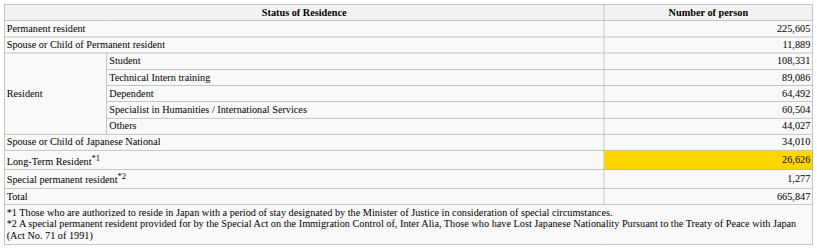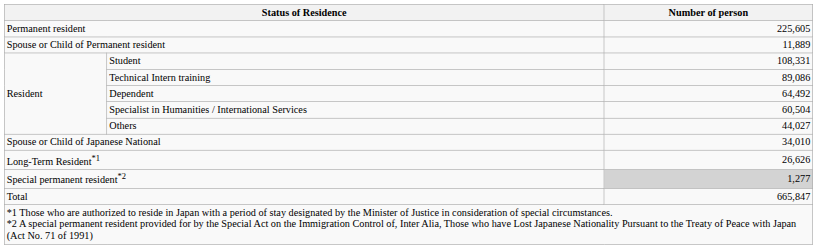 <table class=wikitable style="margin-left:auto; margin-right:auto;">
 <tr>
 <th colspan="2">Status of Residence</th>
 <th>Number of person</th>
 </tr>
 <tr>
 <td colspan="2">Permanent resident</td>
 <td align="right">225,605</td>
 </tr>
 <tr>
 <td colspan="2">Spouse or Child of Permanent resident</td>
 <td align="right">11,889</td>
 </tr>
 <tr>
 <td rowspan="5">Resident</td>
 <td>Student</td>
 <td align="right">108,331</td>
 </tr>
 <tr>
 <td>Technical Intern training</td>
 <td align="right">89,086</td>
 </tr>
 <tr>
 <td>Dependent</td>
 <td align="right">64,492</td>
 </tr>
 <tr>
 <td>Specialist in Humanities / International Services</td>
 <td align="right">60,504</td>
 </tr>
 <tr>
 <td>Others</td>
 <td align="right">44,027</td>
 </tr>
 <tr>
 <td colspan="2">Spouse or Child of Japanese National</td>
 <td align="right">34,010</td>
 </tr>
 <tr>
 <td colspan="2">Long-Term Resident<sup>*1</sup></td>
-<td align="right" style="background: gold;">26,626</td>
+<td align="right">26,626</td>
 </tr>
 <tr>
 <td colspan="2">Special permanent resident<sup>*2</sup></td>
-<td align="right">1,277</td>
+<td align="right" style="background: lightgrey;">1,277</td>
 </tr>
 <tr>
 <td colspan="2">Total</td>
 <td align="right">665,847</td>
 </tr>
 <tr>
 <td colspan="3">*1 Those who are authorized to reside in Japan with a period of stay designated by the Minister of Justice in consideration of special circumstances.<br>*2 A special permanent resident provided for by the Special Act on the Immigration Control of, Inter Alia, Those who have Lost Japanese Nationality Pursuant to the Treaty of Peace with Japan (Act No. 71 of 1991)</td>
 </tr>
 </table>
